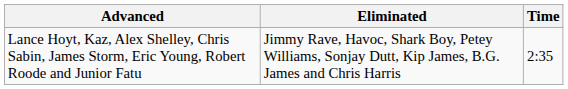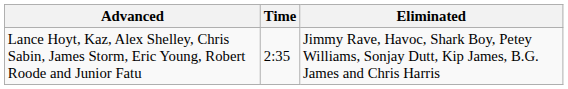 <table class="wikitable sortable">
 <tr>
 <th>Advanced</th>
+<th>Time</th>
 <th>Eliminated</th>
-<th>Time</th>
 </tr>
 <tr>
 <td>Lance Hoyt, Kaz, Alex Shelley, Chris Sabin, James Storm, Eric Young, Robert Roode and Junior Fatu</td>
+<td>2:35</td>
 <td>Jimmy Rave, Havoc, Shark Boy, Petey Williams, Sonjay Dutt, Kip James, B.G. James and Chris Harris</td>
-<td>2:35</td>
 </tr>
 </table>
